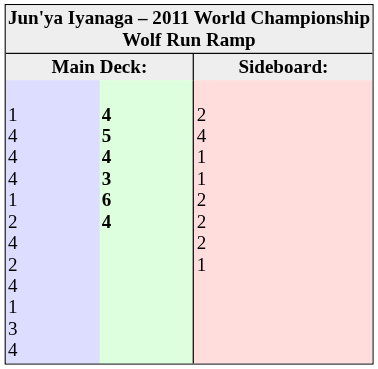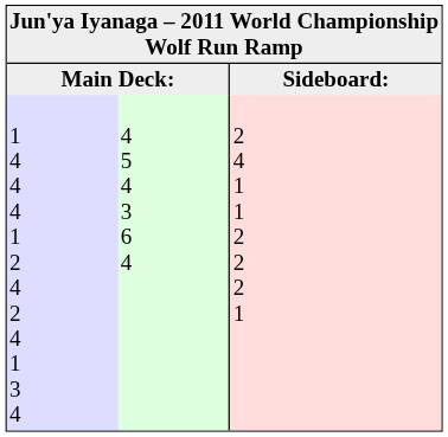 <table align="right" border="0" cellspacing="0" cellpadding="2" style="border: 1px solid black; margin-left: 1ex;">
 <tr>
 <th colspan="3" style="background-color: #eee; border-bottom: 1px solid black;">Jun'ya Iyanaga – 2011 World Championship<br>Wolf Run Ramp</th>
 </tr>
 <tr style="background-color: #eee;">
 <th colspan="2">Main Deck:</th>
 <th style="border-left: 1px solid black;">Sideboard:</th>
 </tr>
 <tr valign="top">
 <td style="background-color: #ddf;"><br>1 <br> 4 <br> 4 <br> 4 <br> 1 <br>2 <br> 4 <br> 2 <br> 4 <br> 1 <br> 3 <br> 4 </td>
-<td style="background-color: #dfd;"><strong><br>4 <br> 5 <br> 4 <br> 3 <br> 6 <br> 4 </strong></td>
+<td style="background-color: #dfd;"><br>4 <br> 5 <br> 4 <br> 3 <br> 6 <br> 4 </td>
 <td style="background-color: #fdd; border-left: 1px solid black;"><br>2 <br> 4 <br> 1 <br> 1 <br> 2 <br> 2 <br> 2 <br> 1 <br></td>
 </tr>
 </table>
